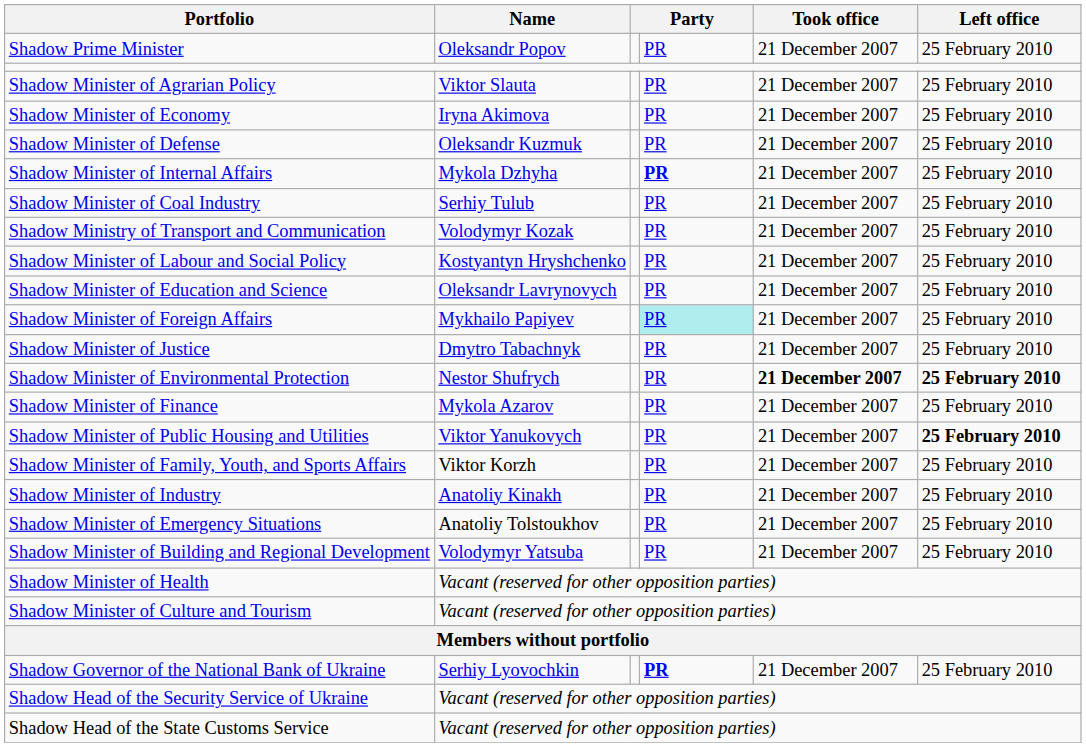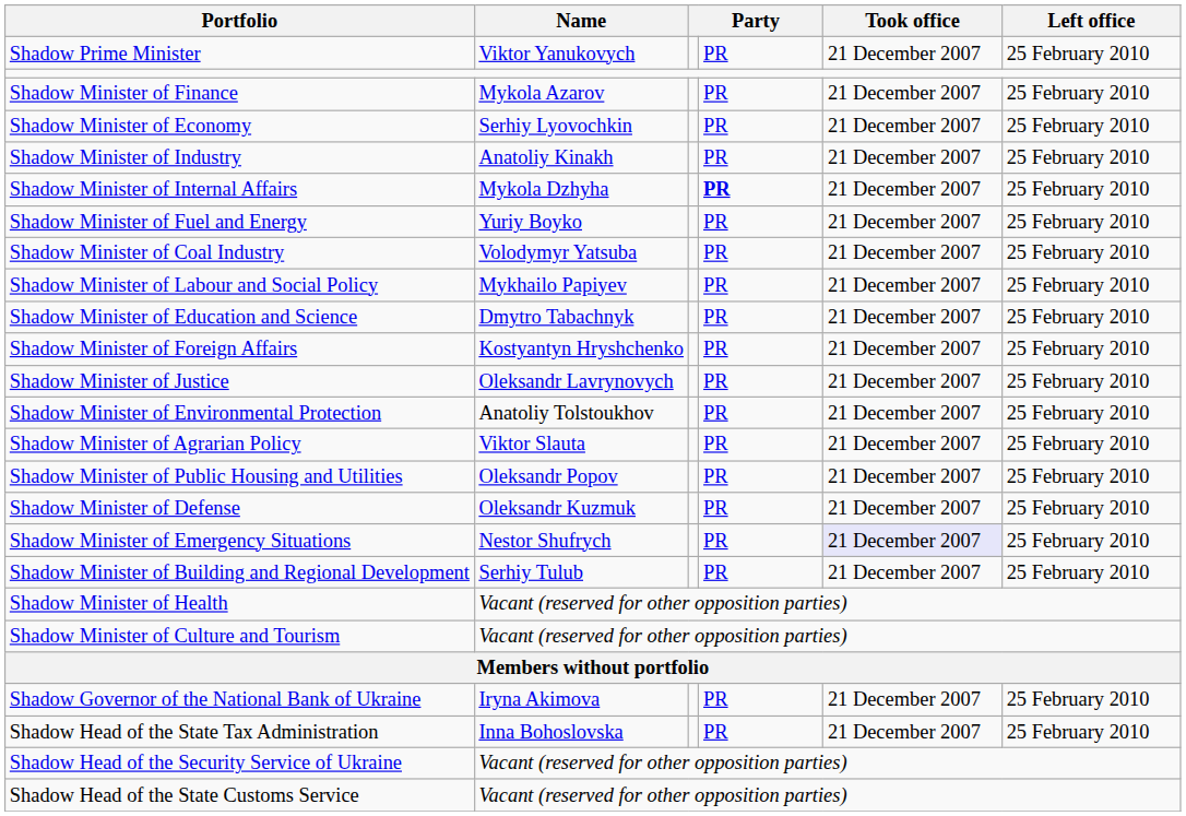 <table class="wikitable">
 <tr>
 <th>Portfolio</th>
 <th>Name</th>
 <th colspan="2" width="100px">Party</th>
 <th width="135px">Took office</th>
 <th width="135px">Left office</th>
 </tr>
 <tr>
 <td><a href='#'>Shadow Prime Minister</a></td>
-<td><a href='#'>Oleksandr Popov</a></td>
+<td><a href='#'>Viktor Yanukovych</a></td>
 <td width="1" style="background-color:"></td>
 <td><a href='#'>PR</a></td>
 <td>21 December 2007</td>
 <td>25 February 2010</td>
 </tr>
 <tr>
 <td colspan="6"></td>
+</tr>
+<tr>
+<td><a href='#'>Shadow Minister of Finance</a></td>
+<td><a href='#'>Mykola Azarov</a></td>
+<td style="background-color:"></td>
+<td><a href='#'>PR</a></td>
+<td>21 December 2007</td>
+<td>25 February 2010</td>
+</tr>
+<tr>
+<td><a href='#'>Shadow Minister of Economy</a></td>
+<td><a href='#'>Serhiy Lyovochkin</a></td>
+<td style="background-color:"></td>
+<td><a href='#'>PR</a></td>
+<td>21 December 2007</td>
+<td>25 February 2010</td>
+</tr>
+<tr>
+<td><a href='#'>Shadow Minister of Industry</a></td>
+<td><a href='#'>Anatoliy Kinakh</a></td>
+<td style="background-color:"></td>
+<td><a href='#'>PR</a></td>
+<td>21 December 2007</td>
+<td>25 February 2010</td>
+</tr>
+<tr>
+<td><a href='#'>Shadow Minister of Internal Affairs</a></td>
+<td><a href='#'>Mykola Dzhyha</a></td>
+<td style="background-color:"></td>
+<td><strong><a href='#'>PR</a></strong></td>
+<td>21 December 2007</td>
+<td>25 February 2010</td>
+</tr>
+<tr>
+<td><a href='#'>Shadow Minister of Fuel and Energy</a></td>
+<td><a href='#'>Yuriy Boyko</a></td>
+<td style="background-color:"></td>
+<td><a href='#'>PR</a></td>
+<td>21 December 2007</td>
+<td>25 February 2010</td>
+</tr>
+<tr>
+<td><a href='#'>Shadow Minister of Coal Industry</a></td>
+<td><a href='#'>Volodymyr Yatsuba</a></td>
+<td style="background-color:"></td>
+<td><a href='#'>PR</a></td>
+<td>21 December 2007</td>
+<td>25 February 2010</td>
+</tr>
+<tr>
+<td><a href='#'>Shadow Minister of Labour and Social Policy</a></td>
+<td><a href='#'>Mykhailo Papiyev</a></td>
+<td style="background-color:"></td>
+<td><a href='#'>PR</a></td>
+<td>21 December 2007</td>
+<td>25 February 2010</td>
+</tr>
+<tr>
+<td><a href='#'>Shadow Minister of Education and Science</a></td>
+<td><a href='#'>Dmytro Tabachnyk</a></td>
+<td style="background-color:"></td>
+<td><a href='#'>PR</a></td>
+<td>21 December 2007</td>
+<td>25 February 2010</td>
+</tr>
+<tr>
+<td><a href='#'>Shadow Minister of Foreign Affairs</a></td>
+<td><a href='#'>Kostyantyn Hryshchenko</a></td>
+<td style="background-color:"></td>
+<td><a href='#'>PR</a></td>
+<td>21 December 2007</td>
+<td>25 February 2010</td>
+</tr>
+<tr>
+<td><a href='#'>Shadow Minister of Justice</a></td>
+<td><a href='#'>Oleksandr Lavrynovych</a></td>
+<td style="background-color:"></td>
+<td><a href='#'>PR</a></td>
+<td>21 December 2007</td>
+<td>25 February 2010</td>
+</tr>
+<tr>
+<td><a href='#'>Shadow Minister of Environmental Protection</a></td>
+<td>Anatoliy Tolstoukhov</td>
+<td style="background-color:"></td>
+<td><a href='#'>PR</a></td>
+<td>21 December 2007</td>
+<td>25 February 2010</td>
 </tr>
 <tr>
 <td><a href='#'>Shadow Minister of Agrarian Policy</a></td>
 <td><a href='#'>Viktor Slauta</a></td>
 <td style="background-color:"></td>
 <td><a href='#'>PR</a></td>
 <td>21 December 2007</td>
 <td>25 February 2010</td>
 </tr>
 <tr>
-<td><a href='#'>Shadow Minister of Economy</a></td>
-<td><a href='#'>Iryna Akimova</a></td>
+<td><a href='#'>Shadow Minister of Public Housing and Utilities</a></td>
+<td><a href='#'>Oleksandr Popov</a></td>
 <td style="background-color:"></td>
 <td><a href='#'>PR</a></td>
 <td>21 December 2007</td>
 <td>25 February 2010</td>
 </tr>
 <tr>
 <td><a href='#'>Shadow Minister of Defense</a></td>
 <td><a href='#'>Oleksandr Kuzmuk</a></td>
 <td style="background-color:"></td>
 <td><a href='#'>PR</a></td>
 <td>21 December 2007</td>
 <td>25 February 2010</td>
 </tr>
 <tr>
-<td><a href='#'>Shadow Minister of Internal Affairs</a></td>
-<td><a href='#'>Mykola Dzhyha</a></td>
-<td style="background-color:"></td>
-<td><strong><a href='#'>PR</a></strong></td>
-<td>21 December 2007</td>
-<td>25 February 2010</td>
-</tr>
-<tr>
-<td><a href='#'>Shadow Minister of Coal Industry</a></td>
-<td><a href='#'>Serhiy Tulub</a></td>
-<td style="background-color:"></td>
-<td><a href='#'>PR</a></td>
-<td>21 December 2007</td>
-<td>25 February 2010</td>
-</tr>
-<tr>
-<td><a href='#'>Shadow Ministry of Transport and Communication</a></td>
-<td><a href='#'>Volodymyr Kozak</a></td>
-<td style="background-color:"></td>
-<td><a href='#'>PR</a></td>
-<td>21 December 2007</td>
-<td>25 February 2010</td>
-</tr>
-<tr>
-<td><a href='#'>Shadow Minister of Labour and Social Policy</a></td>
-<td><a href='#'>Kostyantyn Hryshchenko</a></td>
-<td style="background-color:"></td>
-<td><a href='#'>PR</a></td>
-<td>21 December 2007</td>
-<td>25 February 2010</td>
-</tr>
-<tr>
-<td><a href='#'>Shadow Minister of Education and Science</a></td>
-<td><a href='#'>Oleksandr Lavrynovych</a></td>
-<td style="background-color:"></td>
-<td><a href='#'>PR</a></td>
-<td>21 December 2007</td>
-<td>25 February 2010</td>
-</tr>
-<tr>
-<td><a href='#'>Shadow Minister of Foreign Affairs</a></td>
-<td><a href='#'>Mykhailo Papiyev</a></td>
-<td style="background-color:"></td>
-<td style="background: paleturquoise;"><a href='#'>PR</a></td>
-<td>21 December 2007</td>
-<td>25 February 2010</td>
-</tr>
-<tr>
-<td><a href='#'>Shadow Minister of Justice</a></td>
-<td><a href='#'>Dmytro Tabachnyk</a></td>
-<td style="background-color:"></td>
-<td><a href='#'>PR</a></td>
-<td>21 December 2007</td>
-<td>25 February 2010</td>
-</tr>
-<tr>
-<td><a href='#'>Shadow Minister of Environmental Protection</a></td>
+<td><a href='#'>Shadow Minister of Emergency Situations</a></td>
 <td><a href='#'>Nestor Shufrych</a></td>
 <td style="background-color:"></td>
 <td><a href='#'>PR</a></td>
-<td><strong>21 December 2007</strong></td>
-<td><strong>25 February 2010</strong></td>
-</tr>
-<tr>
-<td><a href='#'>Shadow Minister of Finance</a></td>
-<td><a href='#'>Mykola Azarov</a></td>
-<td style="background-color:"></td>
-<td><a href='#'>PR</a></td>
-<td>21 December 2007</td>
-<td>25 February 2010</td>
-</tr>
-<tr>
-<td><a href='#'>Shadow Minister of Public Housing and Utilities</a></td>
-<td><a href='#'>Viktor Yanukovych</a></td>
-<td style="background-color:"></td>
-<td><a href='#'>PR</a></td>
-<td>21 December 2007</td>
-<td><strong>25 February 2010</strong></td>
-</tr>
-<tr>
-<td><a href='#'>Shadow Minister of Family, Youth, and Sports Affairs</a></td>
-<td>Viktor Korzh</td>
-<td style="background-color:"></td>
-<td><a href='#'>PR</a></td>
-<td>21 December 2007</td>
-<td>25 February 2010</td>
-</tr>
-<tr>
-<td><a href='#'>Shadow Minister of Industry</a></td>
-<td><a href='#'>Anatoliy Kinakh</a></td>
-<td style="background-color:"></td>
-<td><a href='#'>PR</a></td>
-<td>21 December 2007</td>
-<td>25 February 2010</td>
-</tr>
-<tr>
-<td><a href='#'>Shadow Minister of Emergency Situations</a></td>
-<td>Anatoliy Tolstoukhov</td>
-<td style="background-color:"></td>
-<td><a href='#'>PR</a></td>
-<td>21 December 2007</td>
+<td style="background: lavender;">21 December 2007</td>
 <td>25 February 2010</td>
 </tr>
 <tr>
 <td><a href='#'>Shadow Minister of Building and Regional Development</a></td>
-<td><a href='#'>Volodymyr Yatsuba</a></td>
+<td><a href='#'>Serhiy Tulub</a></td>
 <td style="background-color:"></td>
 <td><a href='#'>PR</a></td>
 <td>21 December 2007</td>
 <td>25 February 2010</td>
 </tr>
 <tr>
 <td><a href='#'>Shadow Minister of Health</a></td>
 <td colspan="5"><em>Vacant (reserved for other opposition parties)</em></td>
 </tr>
 <tr>
 <td><a href='#'>Shadow Minister of Culture and Tourism</a></td>
 <td colspan="5"><em>Vacant (reserved for other opposition parties)</em></td>
 </tr>
 <tr>
 <th colspan="6">Members without portfolio</th>
 </tr>
 <tr>
 <td><a href='#'>Shadow Governor of the National Bank of Ukraine</a></td>
-<td><a href='#'>Serhiy Lyovochkin</a></td>
+<td><a href='#'>Iryna Akimova</a></td>
 <td style="background-color:"></td>
-<td><strong><a href='#'>PR</a></strong></td>
+<td><a href='#'>PR</a></td>
+<td>21 December 2007</td>
+<td>25 February 2010</td>
+</tr>
+<tr>
+<td>Shadow Head of the State Tax Administration</td>
+<td><a href='#'>Inna Bohoslovska</a></td>
+<td style="background-color:"></td>
+<td><a href='#'>PR</a></td>
 <td>21 December 2007</td>
 <td>25 February 2010</td>
 </tr>
 <tr>
 <td><a href='#'>Shadow Head of the Security Service of Ukraine</a></td>
 <td colspan="5"><em>Vacant (reserved for other opposition parties)</em></td>
 </tr>
 <tr>
 <td>Shadow Head of the State Customs Service</td>
 <td colspan="5"><em>Vacant (reserved for other opposition parties)</em></td>
 </tr>
 </table>
